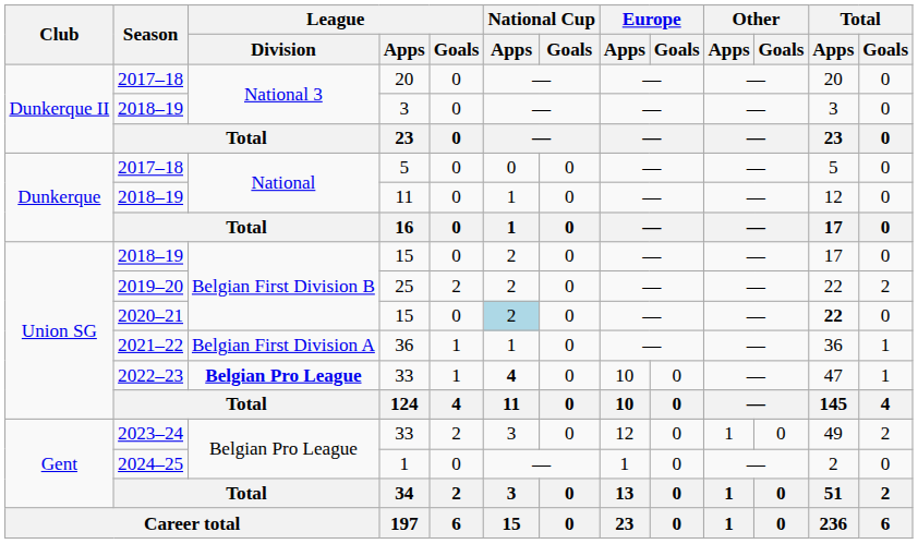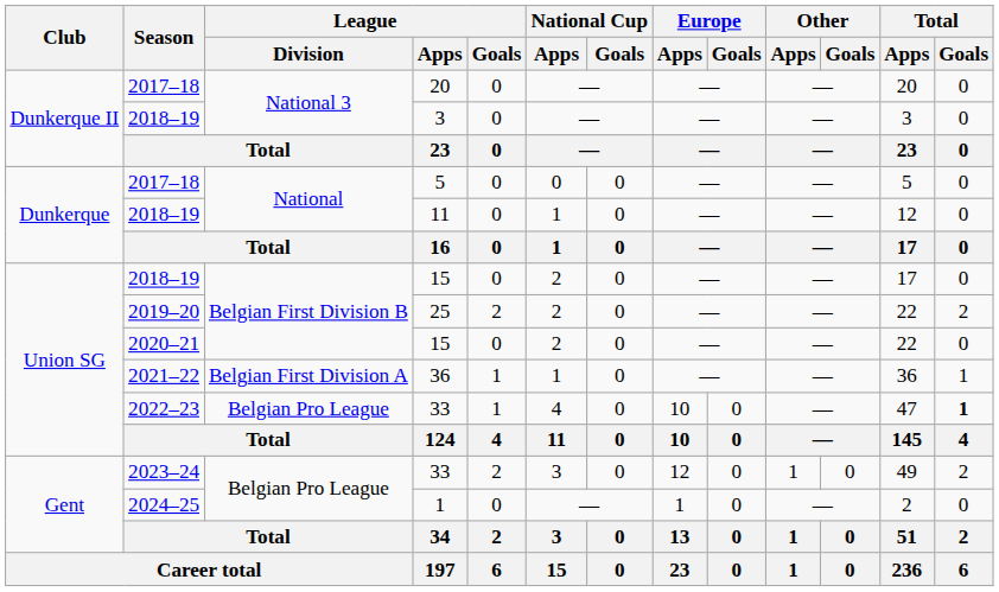 <table class="wikitable" style="text-align:center">
 <tr>
 <th rowspan="2">Club</th>
 <th rowspan="2">Season</th>
 <th colspan="3">League</th>
 <th colspan="2">National Cup</th>
 <th colspan="2"><a href='#'>Europe</a></th>
 <th colspan="2">Other</th>
 <th colspan="2">Total</th>
 </tr>
 <tr>
 <th>Division</th>
 <th>Apps</th>
 <th>Goals</th>
 <th>Apps</th>
 <th>Goals</th>
 <th>Apps</th>
 <th>Goals</th>
 <th>Apps</th>
 <th>Goals</th>
 <th>Apps</th>
 <th>Goals</th>
 </tr>
 <tr>
 <td rowspan="3"><a href='#'>Dunkerque II</a></td>
 <td><a href='#'>2017–18</a></td>
 <td rowspan="2"><a href='#'>National 3</a></td>
 <td>20</td>
 <td>0</td>
 <td colspan="2">—</td>
 <td colspan="2">—</td>
 <td colspan="2">—</td>
 <td>20</td>
 <td>0</td>
 </tr>
 <tr>
 <td><a href='#'>2018–19</a></td>
 <td>3</td>
 <td>0</td>
 <td colspan="2">—</td>
 <td colspan="2">—</td>
 <td colspan="2">—</td>
 <td>3</td>
 <td>0</td>
 </tr>
 <tr>
 <th colspan=2>Total</th>
 <th>23</th>
 <th>0</th>
 <th colspan="2">—</th>
 <th colspan="2">—</th>
 <th colspan="2">—</th>
 <th>23</th>
 <th>0</th>
 </tr>
 <tr>
 <td rowspan="3"><a href='#'>Dunkerque</a></td>
 <td><a href='#'>2017–18</a></td>
 <td rowspan="2"><a href='#'>National</a></td>
 <td>5</td>
 <td>0</td>
 <td>0</td>
 <td>0</td>
 <td colspan="2">—</td>
 <td colspan="2">—</td>
 <td>5</td>
 <td>0</td>
 </tr>
 <tr>
 <td><a href='#'>2018–19</a></td>
 <td>11</td>
 <td>0</td>
 <td>1</td>
 <td>0</td>
 <td colspan="2">—</td>
 <td colspan="2">—</td>
 <td>12</td>
 <td>0</td>
 </tr>
 <tr>
 <th colspan=2>Total</th>
 <th>16</th>
 <th>0</th>
 <th>1</th>
 <th>0</th>
 <th colspan="2">—</th>
 <th colspan="2">—</th>
 <th>17</th>
 <th>0</th>
 </tr>
 <tr>
 <td rowspan="6"><a href='#'>Union SG</a></td>
 <td><a href='#'>2018–19</a></td>
 <td rowspan="3"><a href='#'>Belgian First Division B</a></td>
 <td>15</td>
 <td>0</td>
 <td>2</td>
 <td>0</td>
 <td colspan="2">—</td>
 <td colspan="2">—</td>
 <td>17</td>
 <td>0</td>
 </tr>
 <tr>
 <td><a href='#'>2019–20</a></td>
 <td>25</td>
 <td>2</td>
 <td>2</td>
 <td>0</td>
 <td colspan="2">—</td>
 <td colspan="2">—</td>
 <td>22</td>
 <td>2</td>
 </tr>
 <tr>
 <td><a href='#'>2020–21</a></td>
 <td>15</td>
 <td>0</td>
-<td style="background: lightblue;">2</td>
+<td>2</td>
 <td>0</td>
 <td colspan="2">—</td>
 <td colspan="2">—</td>
-<td><strong>22</strong></td>
+<td>22</td>
 <td>0</td>
 </tr>
 <tr>
 <td><a href='#'>2021–22</a></td>
 <td><a href='#'>Belgian First Division A</a></td>
 <td>36</td>
 <td>1</td>
 <td>1</td>
 <td>0</td>
 <td colspan="2">—</td>
 <td colspan="2">—</td>
 <td>36</td>
 <td>1</td>
 </tr>
 <tr>
 <td><a href='#'>2022–23</a></td>
-<td><strong><a href='#'>Belgian Pro League</a></strong></td>
+<td><a href='#'>Belgian Pro League</a></td>
 <td>33</td>
 <td>1</td>
-<td><strong>4</strong></td>
+<td>4</td>
 <td>0</td>
 <td>10</td>
 <td>0</td>
 <td colspan="2">—</td>
 <td>47</td>
-<td>1</td>
+<td><strong>1</strong></td>
 </tr>
 <tr>
 <th colspan=2>Total</th>
 <th>124</th>
 <th>4</th>
 <th>11</th>
 <th>0</th>
 <th>10</th>
 <th>0</th>
 <th colspan="2">—</th>
 <th>145</th>
 <th>4</th>
 </tr>
 <tr>
 <td rowspan="3"><a href='#'>Gent</a></td>
 <td><a href='#'>2023–24</a></td>
 <td rowspan="2">Belgian Pro League</td>
 <td>33</td>
 <td>2</td>
 <td>3</td>
 <td>0</td>
 <td>12</td>
 <td>0</td>
 <td>1</td>
 <td>0</td>
 <td>49</td>
 <td>2</td>
 </tr>
 <tr>
 <td><a href='#'>2024–25</a></td>
 <td>1</td>
 <td>0</td>
 <td colspan="2">—</td>
 <td>1</td>
 <td>0</td>
 <td colspan="2">—</td>
 <td>2</td>
 <td>0</td>
 </tr>
 <tr>
 <th colspan=2>Total</th>
 <th>34</th>
 <th>2</th>
 <th>3</th>
 <th>0</th>
 <th>13</th>
 <th>0</th>
 <th>1</th>
 <th>0</th>
 <th>51</th>
 <th>2</th>
 </tr>
 <tr>
 <th colspan="3">Career total</th>
 <th>197</th>
 <th>6</th>
 <th>15</th>
 <th>0</th>
 <th>23</th>
 <th>0</th>
 <th>1</th>
 <th>0</th>
 <th>236</th>
 <th>6</th>
 </tr>
 </table>
